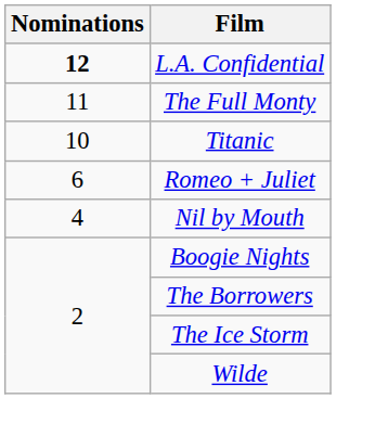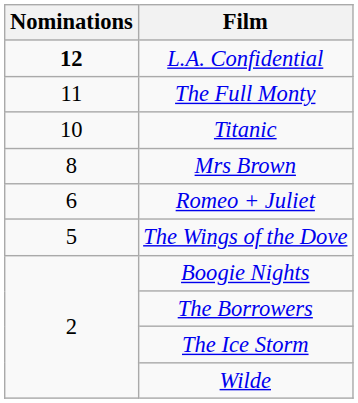 <table class="wikitable" style="text-align:center;">
 <tr>
 <th style="background:">Nominations</th>
 <th style="background:">Film</th>
 </tr>
 <tr>
 <td><strong>12</strong></td>
 <td><em><a href='#'>L.A. Confidential</a></em></td>
 </tr>
 <tr>
 <td>11</td>
 <td><em><a href='#'>The Full Monty</a></em></td>
 </tr>
 <tr>
 <td>10</td>
 <td><em><a href='#'>Titanic</a></em></td>
 </tr>
 <tr>
+<td>8</td>
+<td><em><a href='#'>Mrs Brown</a></em></td>
+</tr>
+<tr>
 <td>6</td>
 <td><em><a href='#'>Romeo + Juliet</a></em></td>
 </tr>
 <tr>
-<td>4</td>
-<td><em><a href='#'>Nil by Mouth</a></em></td>
+<td>5</td>
+<td><em><a href='#'>The Wings of the Dove</a></em></td>
 </tr>
 <tr>
 <td rowspan="4">2</td>
 <td><em><a href='#'>Boogie Nights</a></em></td>
 </tr>
 <tr>
 <td><em><a href='#'>The Borrowers</a></em></td>
 </tr>
 <tr>
 <td><em><a href='#'>The Ice Storm</a></em></td>
 </tr>
 <tr>
 <td><em><a href='#'>Wilde</a></em></td>
 </tr>
 </table>
